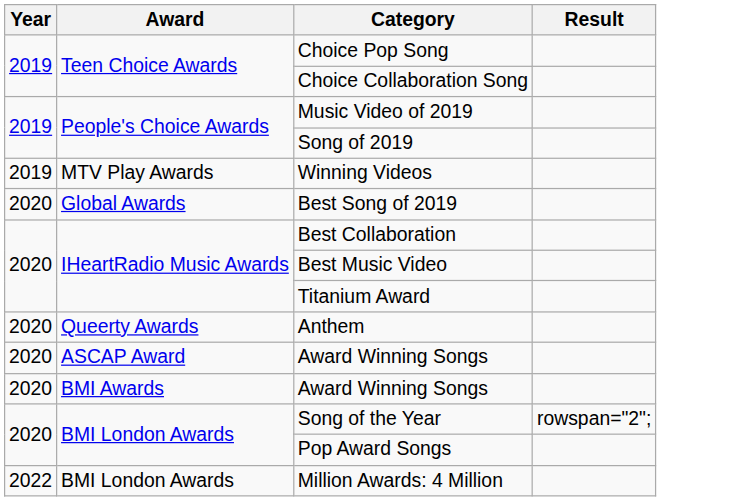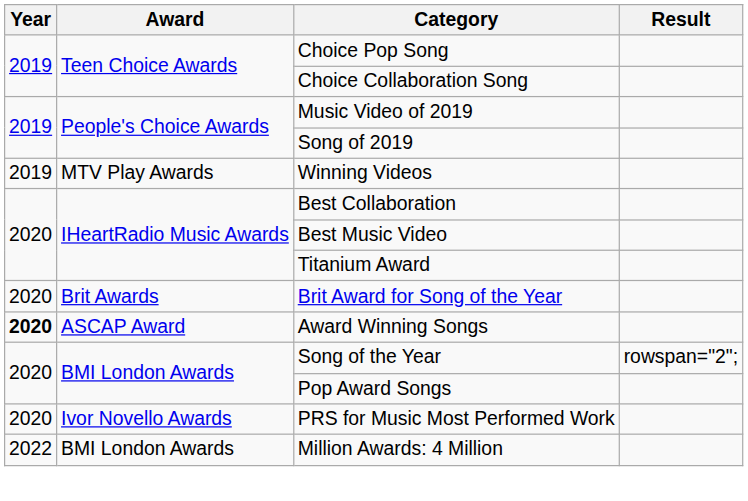 <table class="wikitable">
 <tr>
 <th scope="col">Year</th>
 <th scope="col">Award</th>
 <th>Category</th>
 <th scope="col">Result</th>
 </tr>
 <tr>
 <td rowspan="2"><a href='#'>2019</a></td>
 <td rowspan="2"><a href='#'>Teen Choice Awards</a></td>
 <td>Choice Pop Song</td>
 <td></td>
 </tr>
 <tr>
 <td>Choice Collaboration Song</td>
 <td></td>
 </tr>
 <tr>
 <td rowspan="2"><a href='#'>2019</a></td>
 <td rowspan="2"><a href='#'>People's Choice Awards</a></td>
 <td>Music Video of 2019</td>
 <td></td>
 </tr>
 <tr>
 <td>Song of 2019</td>
 <td></td>
 </tr>
 <tr>
 <td>2019<br></td>
 <td>MTV Play Awards</td>
 <td>Winning Videos</td>
 <td></td>
 </tr>
 <tr>
-<td>2020<br></td>
-<td><a href='#'>Global Awards</a></td>
-<td>Best Song of 2019</td>
-<td></td>
-</tr>
-<tr>
 <td rowspan="3">2020<br></td>
 <td rowspan="3"><a href='#'>IHeartRadio Music Awards</a></td>
 <td>Best Collaboration</td>
 <td></td>
 </tr>
 <tr>
 <td>Best Music Video</td>
 <td></td>
 </tr>
 <tr>
 <td>Titanium Award</td>
 <td></td>
 </tr>
 <tr>
 <td>2020<br></td>
-<td><a href='#'>Queerty Awards</a></td>
-<td>Anthem</td>
+<td><a href='#'>Brit Awards</a></td>
+<td><a href='#'>Brit Award for Song of the Year</a></td>
 <td></td>
 </tr>
 <tr>
-<td>2020<br></td>
+<td><strong>2020<br></strong></td>
 <td><a href='#'>ASCAP Award</a></td>
-<td>Award Winning Songs</td>
-<td></td>
-</tr>
-<tr>
-<td>2020<br></td>
-<td><a href='#'>BMI Awards</a></td>
 <td>Award Winning Songs</td>
 <td></td>
 </tr>
 <tr>
 <td rowspan="2">2020<br></td>
 <td rowspan="2"><a href='#'>BMI London Awards</a></td>
 <td>Song of the Year</td>
 <td>rowspan="2"; </td>
 </tr>
 <tr>
 <td>Pop Award Songs</td>
 </tr>
 <tr>
+<td>2020<br></td>
+<td><a href='#'>Ivor Novello Awards</a></td>
+<td>PRS for Music Most Performed Work</td>
+<td></td>
+</tr>
+<tr>
 <td>2022<br></td>
 <td>BMI London Awards</td>
 <td>Million Awards: 4 Million</td>
 <td></td>
 </tr>
 </table>
